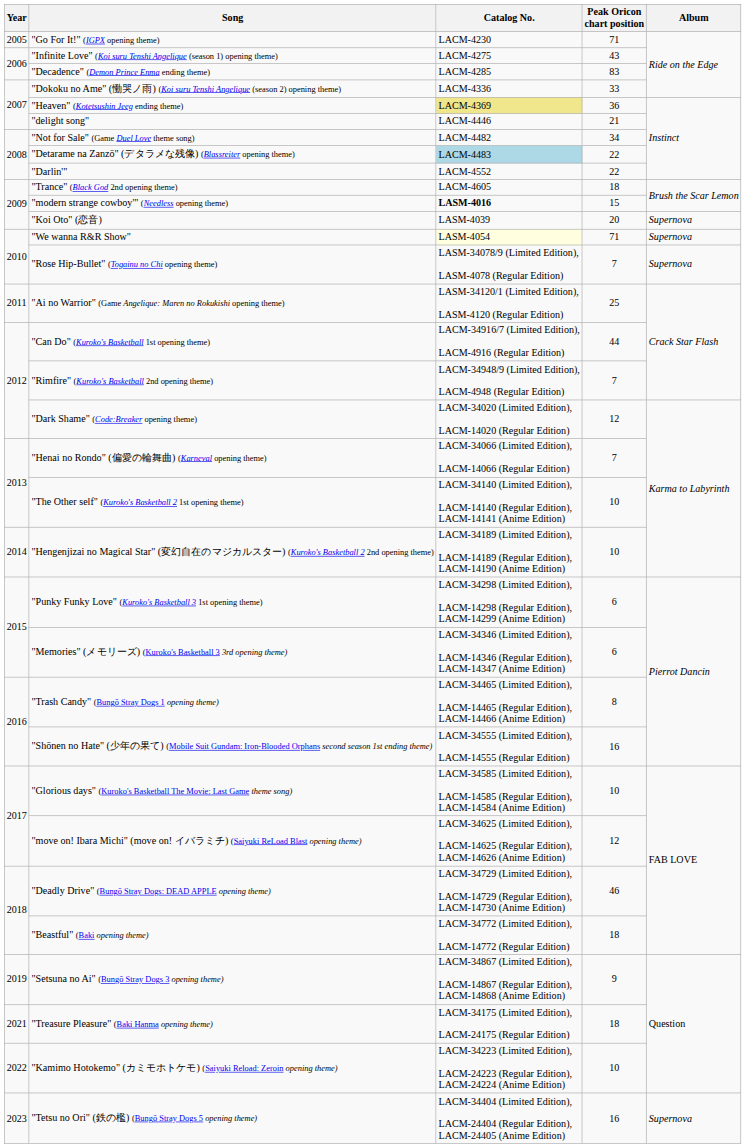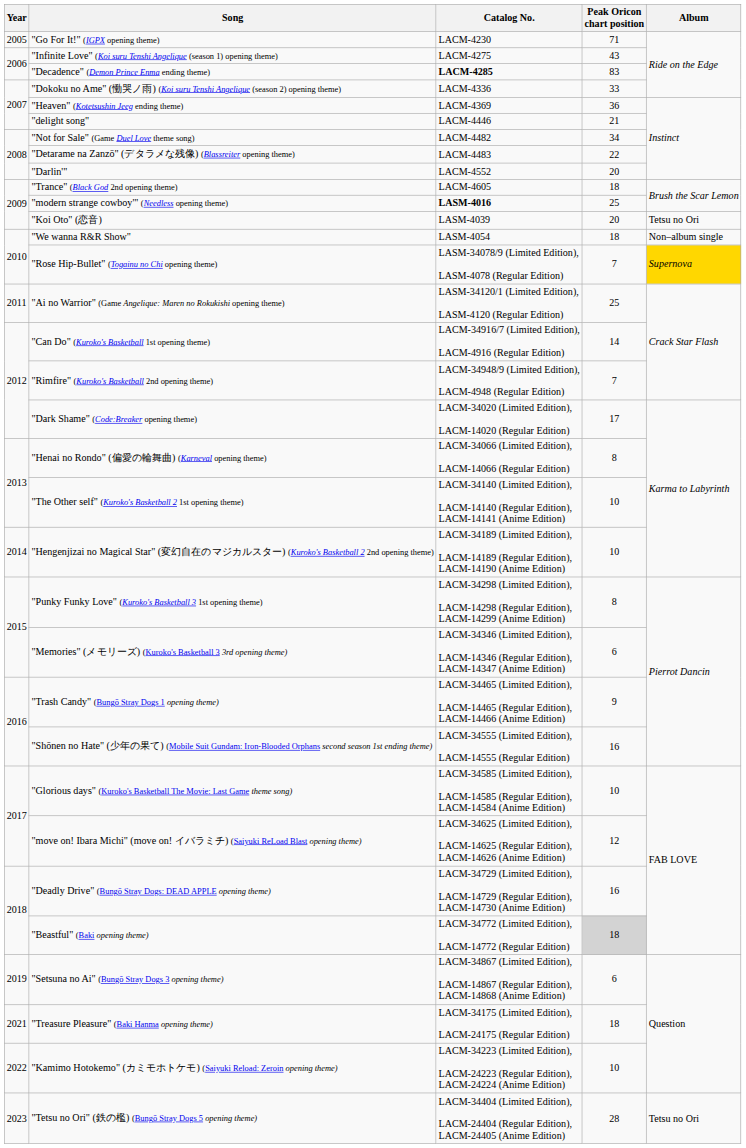 <table class="wikitable">
 <tr>
 <th>Year</th>
 <th>Song</th>
 <th>Catalog No.</th>
 <th>Peak Oricon<br> chart position</th>
 <th>Album</th>
 </tr>
 <tr>
 <td>2005</td>
 <td align="left">"Go For It!" <small>(<em><a href='#'>IGPX</a></em> opening theme)</small></td>
 <td>LACM-4230</td>
 <td align="center">71</td>
 <td rowspan="4"><em>Ride on the Edge</em></td>
 </tr>
 <tr>
 <td rowspan="2">2006</td>
 <td align="left">"Infinite Love" <small>(<em><a href='#'>Koi suru Tenshi Angelique</a></em> (season 1) opening theme)</small></td>
 <td>LACM-4275</td>
 <td align="center">43</td>
 </tr>
 <tr>
 <td align="left">"Decadence" <small>(<em><a href='#'>Demon Prince Enma</a></em> ending theme)</small></td>
-<td>LACM-4285</td>
+<td><strong>LACM-4285</strong></td>
 <td align="center">83</td>
 </tr>
 <tr>
 <td rowspan="3">2007</td>
 <td align="left">"Dokoku no Ame" (慟哭ノ雨) <small>(<em><a href='#'>Koi suru Tenshi Angelique</a></em> (season 2) opening theme)</small></td>
 <td>LACM-4336</td>
 <td align="center">33</td>
 </tr>
 <tr>
 <td align="left">"Heaven" <small>(<em><a href='#'>Kotetsushin Jeeg</a></em> ending theme)</small></td>
-<td style="background: khaki;">LACM-4369</td>
+<td>LACM-4369</td>
 <td align="center">36</td>
 <td rowspan="5"><em>Instinct</em></td>
 </tr>
 <tr>
 <td align="left">"delight song"</td>
 <td>LACM-4446</td>
 <td align="center">21</td>
 </tr>
 <tr>
 <td rowspan="3">2008</td>
 <td align="left">"Not for Sale" <small>(Game <em><a href='#'>Duel Love</a></em> theme song)</small></td>
 <td>LACM-4482</td>
 <td align="center">34</td>
 </tr>
 <tr>
 <td align="left">"Detarame na Zanzō" (デタラメな残像) <small>(<em><a href='#'>Blassreiter</a></em> opening theme)</small></td>
-<td style="background: lightblue;">LACM-4483</td>
+<td>LACM-4483</td>
 <td align="center">22</td>
 </tr>
 <tr>
 <td align="left">"Darlin'"</td>
 <td>LACM-4552</td>
-<td align="center">22</td>
+<td align="center">20</td>
 </tr>
 <tr>
 <td rowspan="3">2009</td>
 <td align="left">"Trance" <small>(<em><a href='#'>Black God</a></em> 2nd opening theme)</small></td>
 <td>LACM-4605</td>
 <td align="center">18</td>
 <td rowspan="2"><em>Brush the Scar Lemon</em></td>
 </tr>
 <tr>
 <td align="left">"modern strange cowboy'" <small>(<em><a href='#'>Needless</a></em> opening theme)</small></td>
 <td><strong>LASM-4016</strong></td>
-<td align="center">15</td>
+<td align="center">25</td>
 </tr>
 <tr>
 <td align="left">"Koi Oto" (恋音)</td>
 <td>LASM-4039</td>
 <td align="center">20</td>
-<td><em>Supernova</em></td>
+<td></em>Tetsu no Ori<em></td>
 </tr>
 <tr>
 <td rowspan="2">2010</td>
 <td align="left">"We wanna R&R Show"</td>
-<td style="background: lightyellow;">LASM-4054</td>
-<td align="center">71</td>
-<td><em>Supernova</em></td>
+<td>LASM-4054</td>
+<td align="center">18</td>
+<td>Non–album single</td>
 </tr>
 <tr>
 <td align="left">"Rose Hip-Bullet" <small>(<em><a href='#'>Togainu no Chi</a></em> opening theme)</small></td>
 <td>LASM-34078/9 (Limited Edition),<br><br>LASM-4078 (Regular Edition)</td>
 <td align="center">7</td>
-<td><em>Supernova</em></td>
+<td style="background: gold;"><em>Supernova</em></td>
 </tr>
 <tr>
 <td>2011</td>
 <td align="left">"Ai no Warrior" <small>(Game <em>Angelique: Maren no Rokukishi</em> opening theme)</small></td>
 <td>LASM-34120/1 (Limited Edition),<br><br>LASM-4120 (Regular Edition)</td>
 <td align="center">25</td>
 <td rowspan="3"><em>Crack Star Flash</em></td>
 </tr>
 <tr>
 <td rowspan="3">2012</td>
 <td align="left">"Can Do" <small>(<em><a href='#'>Kuroko's Basketball</a></em> 1st opening theme)</small></td>
 <td>LACM-34916/7 (Limited Edition),<br><br>LACM-4916 (Regular Edition)</td>
-<td align="center">44</td>
+<td align="center">14</td>
 </tr>
 <tr>
 <td align="left">"Rimfire" <small>(<em><a href='#'>Kuroko's Basketball</a></em> 2nd opening theme)</small></td>
 <td>LACM-34948/9 (Limited Edition),<br><br>LACM-4948 (Regular Edition)</td>
 <td align="center">7</td>
 </tr>
 <tr>
 <td align="left">"Dark Shame" <small>(<em><a href='#'>Code:Breaker</a></em> opening theme)</small></td>
 <td>LACM-34020 (Limited Edition),<br><br>LACM-14020 (Regular Edition)</td>
-<td align="center">12</td>
+<td align="center">17</td>
 <td rowspan="4"><em>Karma to Labyrinth</em></td>
 </tr>
 <tr>
 <td rowspan="2">2013</td>
 <td align="left">"Henai no Rondo" (偏愛の輪舞曲) <small>(<em><a href='#'>Karneval</a></em> opening theme)</small></td>
 <td>LACM-34066 (Limited Edition),<br><br>LACM-14066 (Regular Edition)</td>
-<td align="center">7</td>
+<td align="center">8</td>
 </tr>
 <tr>
 <td align="left">"The Other self" <small>(<em><a href='#'>Kuroko's Basketball 2</a></em> 1st opening theme)</small></td>
 <td>LACM-34140 (Limited Edition),<br><br>LACM-14140 (Regular Edition),<br> LACM-14141 (Anime Edition)</td>
 <td align="center">10</td>
 </tr>
 <tr>
 <td>2014</td>
 <td align="left">"Hengenjizai no Magical Star" (変幻自在のマジカルスター) <small>(<em><a href='#'>Kuroko's Basketball 2</a></em> 2nd opening theme)</small></td>
 <td>LACM-34189 (Limited Edition),<br><br>LACM-14189 (Regular Edition),<br> LACM-14190 (Anime Edition)</td>
 <td align="center">10</td>
 </tr>
 <tr>
 <td rowspan="2">2015</td>
 <td align="left">"Punky Funky Love" <small>(<em><a href='#'>Kuroko's Basketball 3</a></em> 1st opening theme)</small></td>
 <td>LACM-34298 (Limited Edition),<br><br>LACM-14298 (Regular Edition),<br> LACM-14299 (Anime Edition)</td>
-<td align="center">6</td>
+<td align="center">8</td>
 <td rowspan="4" align="left"><em>Pierrot Dancin<strong></td>
 </tr>
 <tr>
 <td align="left">"Memories" (メモリーズ) <small> (</em><a href='#'>Kuroko's Basketball 3</a><em> 3rd opening theme)</small></td>
 <td>LACM-34346 (Limited Edition),<br><br>LACM-14346 (Regular Edition),<br> LACM-14347 (Anime Edition)</td>
 <td align="center">6</td>
 </tr>
 <tr>
 <td rowspan="2">2016</td>
 <td align="left">"Trash Candy" <small>(</em><a href='#'>Bungō Stray Dogs 1</a><em> opening theme)</small></td>
 <td>LACM-34465 (Limited Edition),<br><br>LACM-14465 (Regular Edition),<br> LACM-14466 (Anime Edition)</td>
-<td align="center">8</td>
+<td align="center">9</td>
 </tr>
 <tr>
 <td align="left">"Shōnen no Hate" (少年の果て) <small>(</em><a href='#'>Mobile Suit Gundam: Iron-Blooded Orphans</a><em> second season 1st ending theme)</small></td>
 <td>LACM-34555 (Limited Edition),<br><br>LACM-14555 (Regular Edition)</td>
 <td align="center">16</td>
 </tr>
 <tr>
 <td rowspan="2">2017</td>
 <td align="left">"Glorious days" <small>(</em><a href='#'>Kuroko's Basketball The Movie: Last Game</a><em> theme song)</small></td>
 <td>LACM-34585 (Limited Edition),<br><br>LACM-14585 (Regular Edition),<br> LACM-14584 (Anime Edition)</td>
 <td align="center">10</td>
 <td rowspan="4"></em>FAB LOVE<em></td>
 </tr>
 <tr>
 <td align="left">"move on! Ibara Michi" (move on! イバラミチ) <small>(</em><a href='#'>Saiyuki ReLoad Blast</a><em> opening theme)</small></td>
 <td>LACM-34625 (Limited Edition),<br><br>LACM-14625 (Regular Edition),<br> LACM-14626 (Anime Edition)</td>
 <td align="center">12</td>
 </tr>
 <tr>
 <td rowspan="2">2018</td>
 <td align="left">"Deadly Drive" <small>(</em><a href='#'>Bungō Stray Dogs: DEAD APPLE</a><em> opening theme)</small></td>
 <td>LACM-34729 (Limited Edition),<br><br>LACM-14729 (Regular Edition),<br> LACM-14730 (Anime Edition)</td>
-<td align="center">46</td>
+<td align="center">16</td>
 </tr>
 <tr>
 <td align="left">"Beastful" <small>(</em><a href='#'>Baki</a><em> opening theme)</small></td>
 <td>LACM-34772 (Limited Edition),<br><br>LACM-14772 (Regular Edition)</td>
-<td align="center">18</td>
+<td align="center" style="background: lightgrey;">18</td>
 </tr>
 <tr>
 <td>2019</td>
 <td align="left">"Setsuna no Ai" <small>(</em><a href='#'>Bungō Stray Dogs 3</a><em> opening theme)</small></td>
 <td>LACM-34867 (Limited Edition), <br><br>LACM-14867 (Regular Edition),<br>  LACM-14868 (Anime Edition)</td>
-<td align="center">9</td>
+<td align="center">6</td>
 <td rowspan="3"></em>Question<em></td>
 </tr>
 <tr>
 <td>2021</td>
 <td align="left">"Treasure Pleasure" <small>(</em><a href='#'>Baki Hanma</a><em> opening theme)</small></td>
 <td>LACM-34175 (Limited Edition),<br><br>LACM-24175 (Regular Edition)</td>
 <td align="center">18</td>
 </tr>
 <tr>
 <td>2022</td>
 <td align="left">"Kamimo Hotokemo" (カミモホトケモ) <small>(</em><a href='#'>Saiyuki Reload: Zeroin</a><em> opening theme)</small></td>
 <td>LACM-34223 (Limited Edition),<br><br>LACM-24223 (Regular Edition),<br>  LACM-24224 (Anime Edition)</td>
 <td align="center">10</td>
 </tr>
 <tr>
 <td>2023</td>
 <td align="left">"Tetsu no Ori" (鉄の檻) <small>(</em><a href='#'>Bungō Stray Dogs 5</a><em> opening theme)</small></td>
 <td>LACM-34404 (Limited Edition),<br><br>LACM-24404 (Regular Edition),<br> LACM-24405 (Anime Edition)</td>
-<td align="center">16</td>
-<td><em>Supernova</em></td>
+<td align="center">28</td>
+<td></em>Tetsu no Ori<em></td>
 </tr>
 </table>
